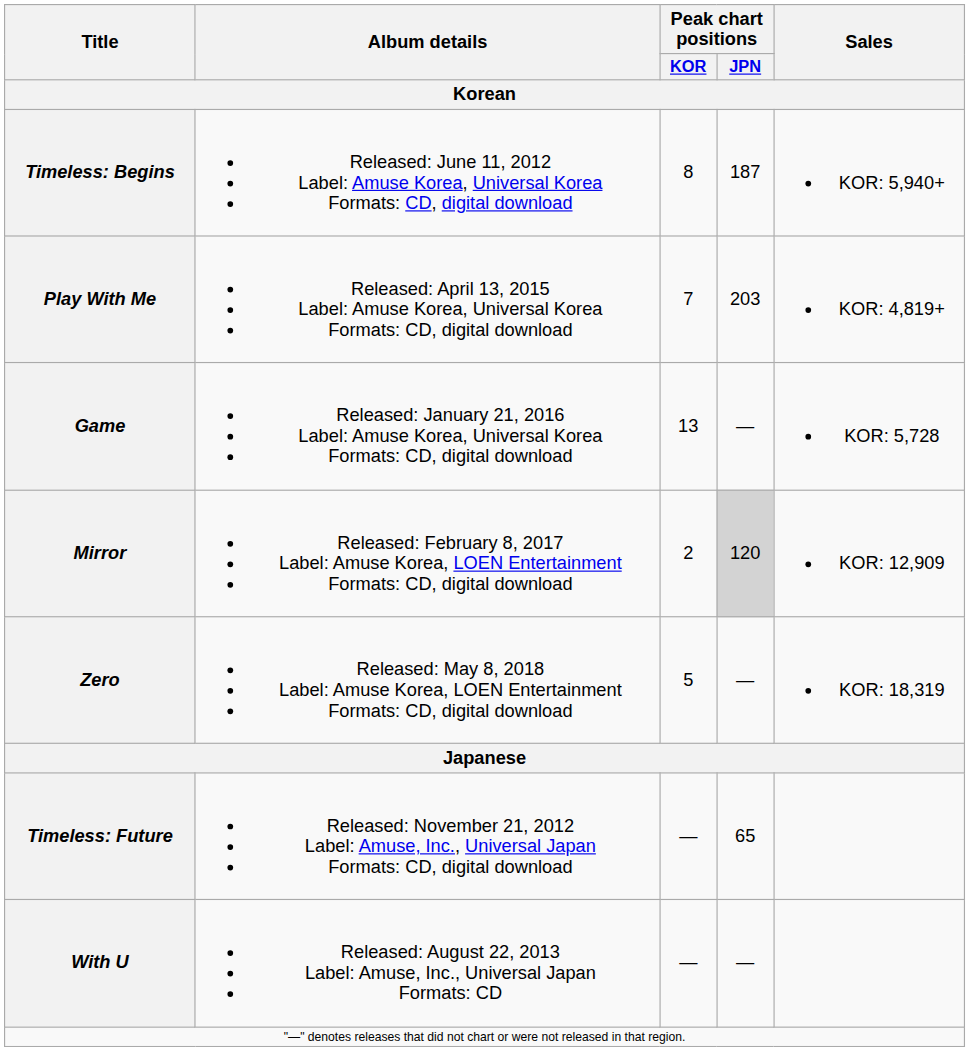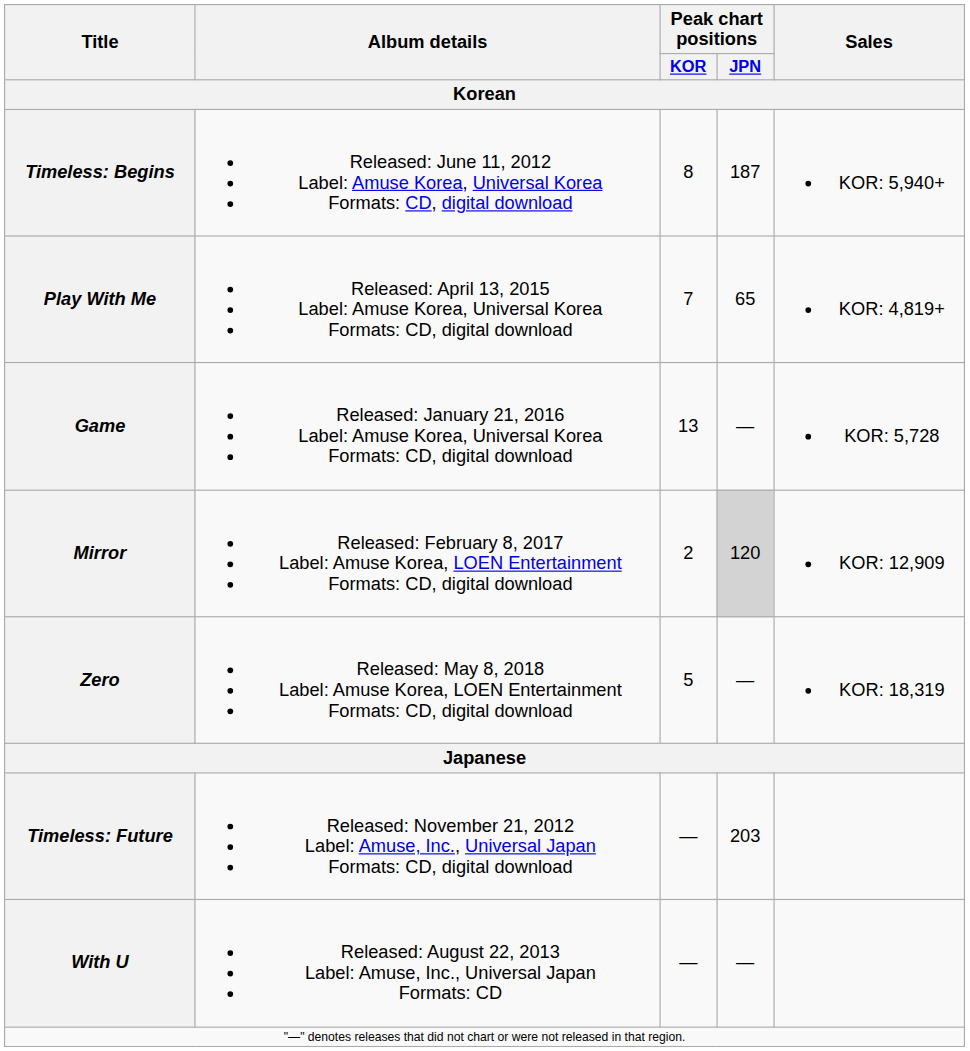 <table class="wikitable plainrowheaders" style="text-align:center;">
 <tr>
 <th scope="col" rowspan="2" style="width:10em;">Title</th>
 <th scope="col" rowspan="2" style="width:25em;">Album details</th>
 <th scope="col" colspan="2">Peak chart positions</th>
 <th scope="col" rowspan="2" style="width:10em;">Sales</th>
 </tr>
 <tr>
 <th scope="col" style="width:3em;font-size:90%;"><a href='#'>KOR</a><br></th>
 <th scope="col" style="width:3em;font-size:90%;"><a href='#'>JPN</a><br></th>
 </tr>
 <tr>
 <th colspan="8">Korean</th>
 </tr>
 <tr>
 <th scope="row"><em>Timeless: Begins</em></th>
 <td><br><ul><li>Released: June 11, 2012</li><li>Label: <a href='#'>Amuse Korea</a>, <a href='#'>Universal Korea</a></li><li>Formats: <a href='#'>CD</a>, <a href='#'>digital download</a></li></ul></td>
 <td>8</td>
 <td>187</td>
 <td><br><ul><li>KOR: 5,940+</li></ul></td>
 </tr>
 <tr>
 <th scope="row"><em>Play With Me</em></th>
 <td><br><ul><li>Released: April 13, 2015</li><li>Label: Amuse Korea, Universal Korea</li><li>Formats: CD, digital download</li></ul></td>
 <td>7</td>
-<td>203</td>
+<td>65</td>
 <td><br><ul><li>KOR: 4,819+</li></ul></td>
 </tr>
 <tr>
 <th scope="row"><em>Game</em></th>
 <td><br><ul><li>Released: January 21, 2016</li><li>Label: Amuse Korea, Universal Korea</li><li>Formats: CD, digital download</li></ul></td>
 <td>13</td>
 <td>—</td>
 <td><br><ul><li>KOR: 5,728</li></ul></td>
 </tr>
 <tr>
 <th scope="row"><em>Mirror</em></th>
 <td><br><ul><li>Released: February 8, 2017</li><li>Label: Amuse Korea, <a href='#'>LOEN Entertainment</a></li><li>Formats: CD, digital download</li></ul></td>
 <td>2</td>
 <td style="background: lightgrey;">120</td>
 <td><br><ul><li>KOR: 12,909</li></ul></td>
 </tr>
 <tr>
 <th scope="row"><em>Zero</em></th>
 <td><br><ul><li>Released: May 8, 2018</li><li>Label: Amuse Korea, LOEN Entertainment</li><li>Formats: CD, digital download</li></ul></td>
 <td>5</td>
 <td>—</td>
 <td><br><ul><li>KOR: 18,319</li></ul></td>
 </tr>
 <tr>
 <th colspan="7">Japanese</th>
 </tr>
 <tr>
 <th scope="row"><em>Timeless: Future</em></th>
 <td><br><ul><li>Released: November 21, 2012</li><li>Label: <a href='#'>Amuse, Inc.</a>, <a href='#'>Universal Japan</a></li><li>Formats: CD, digital download</li></ul></td>
 <td>—</td>
-<td>65</td>
+<td>203</td>
 <td></td>
 </tr>
 <tr>
 <th scope="row"><em>With U</em></th>
 <td><br><ul><li>Released: August 22, 2013</li><li>Label: Amuse, Inc., Universal Japan</li><li>Formats: CD</li></ul></td>
 <td>—</td>
 <td>—</td>
 <td></td>
 </tr>
 <tr>
 <td colspan="7" style="font-size:8pt;">"—" denotes releases that did not chart or were not released in that region.</td>
 </tr>
 </table>
